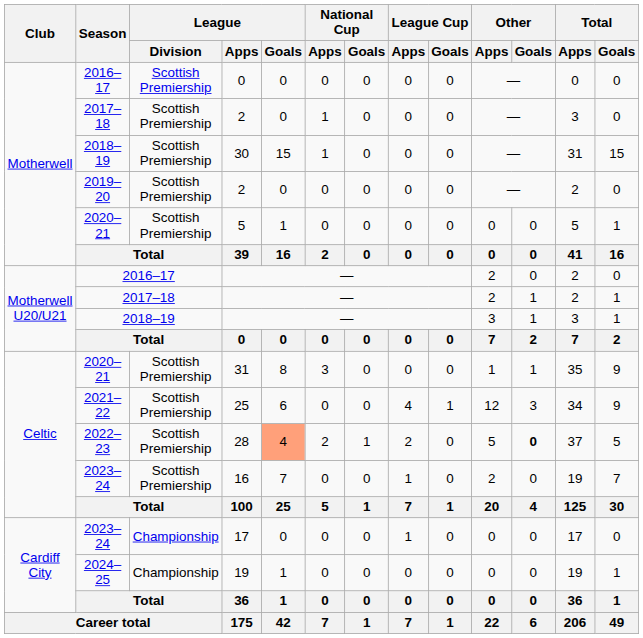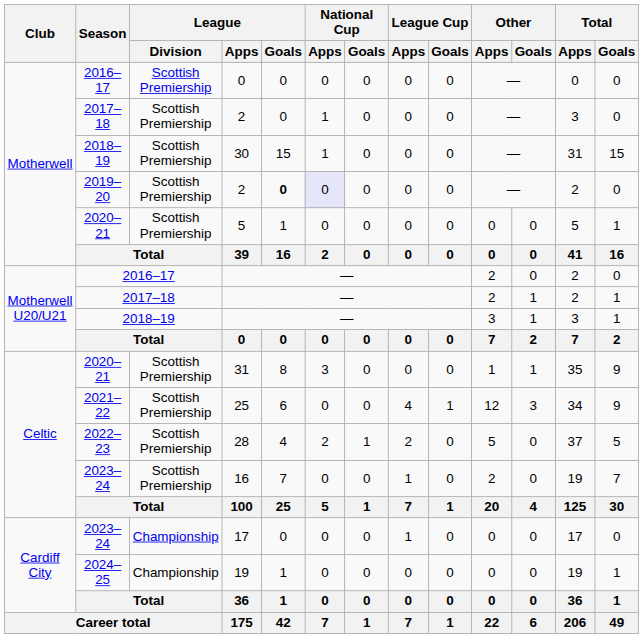 <table class="wikitable" style="text-align:center">
 <tr>
 <th rowspan="2">Club</th>
 <th rowspan="2">Season</th>
 <th colspan="3">League</th>
 <th colspan="2">National Cup</th>
 <th colspan="2">League Cup</th>
 <th colspan="2">Other</th>
 <th colspan="2">Total</th>
 </tr>
 <tr>
 <th>Division</th>
 <th>Apps</th>
 <th>Goals</th>
 <th>Apps</th>
 <th>Goals</th>
 <th>Apps</th>
 <th>Goals</th>
 <th>Apps</th>
 <th>Goals</th>
 <th>Apps</th>
 <th>Goals</th>
 </tr>
 <tr>
 <td rowspan="6"><a href='#'>Motherwell</a></td>
 <td><a href='#'>2016–17</a></td>
 <td><a href='#'>Scottish Premiership</a></td>
 <td>0</td>
 <td>0</td>
 <td>0</td>
 <td>0</td>
 <td>0</td>
 <td>0</td>
 <td colspan="2">—</td>
 <td>0</td>
 <td>0</td>
 </tr>
 <tr>
 <td><a href='#'>2017–18</a></td>
 <td>Scottish Premiership</td>
 <td>2</td>
 <td>0</td>
 <td>1</td>
 <td>0</td>
 <td>0</td>
 <td>0</td>
 <td colspan="2">—</td>
 <td>3</td>
 <td>0</td>
 </tr>
 <tr>
 <td><a href='#'>2018–19</a></td>
 <td>Scottish Premiership</td>
 <td>30</td>
 <td>15</td>
 <td>1</td>
 <td>0</td>
 <td>0</td>
 <td>0</td>
 <td colspan="2">—</td>
 <td>31</td>
 <td>15</td>
 </tr>
 <tr>
 <td><a href='#'>2019–20</a></td>
 <td>Scottish Premiership</td>
 <td>2</td>
-<td>0</td>
-<td>0</td>
+<td><strong>0</strong></td>
+<td style="background: lavender;">0</td>
 <td>0</td>
 <td>0</td>
 <td>0</td>
 <td colspan="2">—</td>
 <td>2</td>
 <td>0</td>
 </tr>
 <tr>
 <td><a href='#'>2020–21</a></td>
 <td>Scottish Premiership</td>
 <td>5</td>
 <td>1</td>
 <td>0</td>
 <td>0</td>
 <td>0</td>
 <td>0</td>
 <td>0</td>
 <td>0</td>
 <td>5</td>
 <td>1</td>
 </tr>
 <tr>
 <th colspan="2">Total</th>
 <th>39</th>
 <th>16</th>
 <th>2</th>
 <th>0</th>
 <th>0</th>
 <th>0</th>
 <th>0</th>
 <th>0</th>
 <th>41</th>
 <th>16</th>
 </tr>
 <tr>
 <td rowspan="4"><a href='#'>Motherwell U20/U21</a></td>
 <td colspan="2"><a href='#'>2016–17</a></td>
 <td colspan=6>—</td>
 <td>2</td>
 <td>0</td>
 <td>2</td>
 <td>0</td>
 </tr>
 <tr>
 <td colspan="2"><a href='#'>2017–18</a></td>
 <td colspan=6>—</td>
 <td>2</td>
 <td>1</td>
 <td>2</td>
 <td>1</td>
 </tr>
 <tr>
 <td colspan="2"><a href='#'>2018–19</a></td>
 <td colspan=6>—</td>
 <td>3</td>
 <td>1</td>
 <td>3</td>
 <td>1</td>
 </tr>
 <tr>
 <th colspan="2">Total</th>
 <th>0</th>
 <th>0</th>
 <th>0</th>
 <th>0</th>
 <th>0</th>
 <th>0</th>
 <th>7</th>
 <th>2</th>
 <th>7</th>
 <th>2</th>
 </tr>
 <tr>
 <td rowspan="5"><a href='#'>Celtic</a></td>
 <td><a href='#'>2020–21</a></td>
 <td>Scottish Premiership</td>
 <td>31</td>
 <td>8</td>
 <td>3</td>
 <td>0</td>
 <td>0</td>
 <td>0</td>
 <td>1</td>
 <td>1</td>
 <td>35</td>
 <td>9</td>
 </tr>
 <tr>
 <td><a href='#'>2021–22</a></td>
 <td>Scottish Premiership</td>
 <td>25</td>
 <td>6</td>
 <td>0</td>
 <td>0</td>
 <td>4</td>
 <td>1</td>
 <td>12</td>
 <td>3</td>
 <td>34</td>
 <td>9</td>
 </tr>
 <tr>
 <td><a href='#'>2022–23</a></td>
 <td>Scottish Premiership</td>
 <td>28</td>
-<td style="background: lightsalmon;">4</td>
+<td>4</td>
 <td>2</td>
 <td>1</td>
 <td>2</td>
 <td>0</td>
 <td>5</td>
-<td><strong>0</strong></td>
+<td>0</td>
 <td>37</td>
 <td>5</td>
 </tr>
 <tr>
 <td><a href='#'>2023–24</a></td>
 <td>Scottish Premiership</td>
 <td>16</td>
 <td>7</td>
 <td>0</td>
 <td>0</td>
 <td>1</td>
 <td>0</td>
 <td>2</td>
 <td>0</td>
 <td>19</td>
 <td>7</td>
 </tr>
 <tr>
 <th colspan="2">Total</th>
 <th>100</th>
 <th>25</th>
 <th>5</th>
 <th>1</th>
 <th>7</th>
 <th>1</th>
 <th>20</th>
 <th>4</th>
 <th>125</th>
 <th>30</th>
 </tr>
 <tr>
 <td rowspan="3"><a href='#'>Cardiff City</a></td>
 <td><a href='#'>2023–24</a></td>
 <td><a href='#'>Championship</a></td>
 <td>17</td>
 <td>0</td>
 <td>0</td>
 <td>0</td>
 <td>1</td>
 <td>0</td>
 <td>0</td>
 <td>0</td>
 <td>17</td>
 <td>0</td>
 </tr>
 <tr>
 <td><a href='#'>2024–25</a></td>
 <td>Championship</td>
 <td>19</td>
 <td>1</td>
 <td>0</td>
 <td>0</td>
 <td>0</td>
 <td>0</td>
 <td>0</td>
 <td>0</td>
 <td>19</td>
 <td>1</td>
 </tr>
 <tr>
 <th colspan="2">Total</th>
 <th>36</th>
 <th>1</th>
 <th>0</th>
 <th>0</th>
 <th>0</th>
 <th>0</th>
 <th>0</th>
 <th>0</th>
 <th>36</th>
 <th>1</th>
 </tr>
 <tr>
 <th colspan="3">Career total</th>
 <th>175</th>
 <th>42</th>
 <th>7</th>
 <th>1</th>
 <th>7</th>
 <th>1</th>
 <th>22</th>
 <th>6</th>
 <th>206</th>
 <th>49</th>
 </tr>
 </table>
